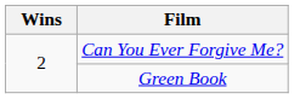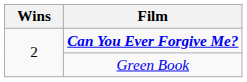 <table class="wikitable plainrowheaders" style="text-align:center;">
 <tr>
 <th scope="col" style="width:55px;">Wins</th>
 <th scope="col" style="text-align:center;">Film</th>
 </tr>
 <tr>
 <td scope=row rowspan=2 style="text-align:center;">2</td>
-<td><em><a href='#'>Can You Ever Forgive Me?</a></em></td>
+<td><strong><em><a href='#'>Can You Ever Forgive Me?</a></em></strong></td>
 </tr>
 <tr>
 <td><em><a href='#'>Green Book</a></em></td>
 </tr>
 </table>
